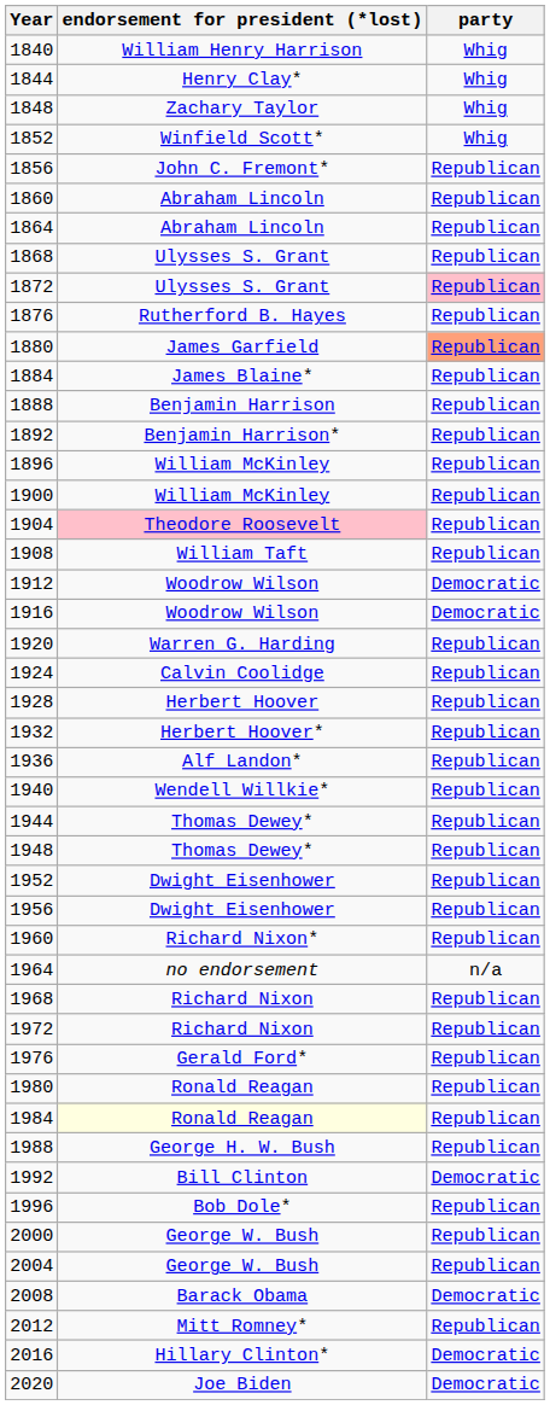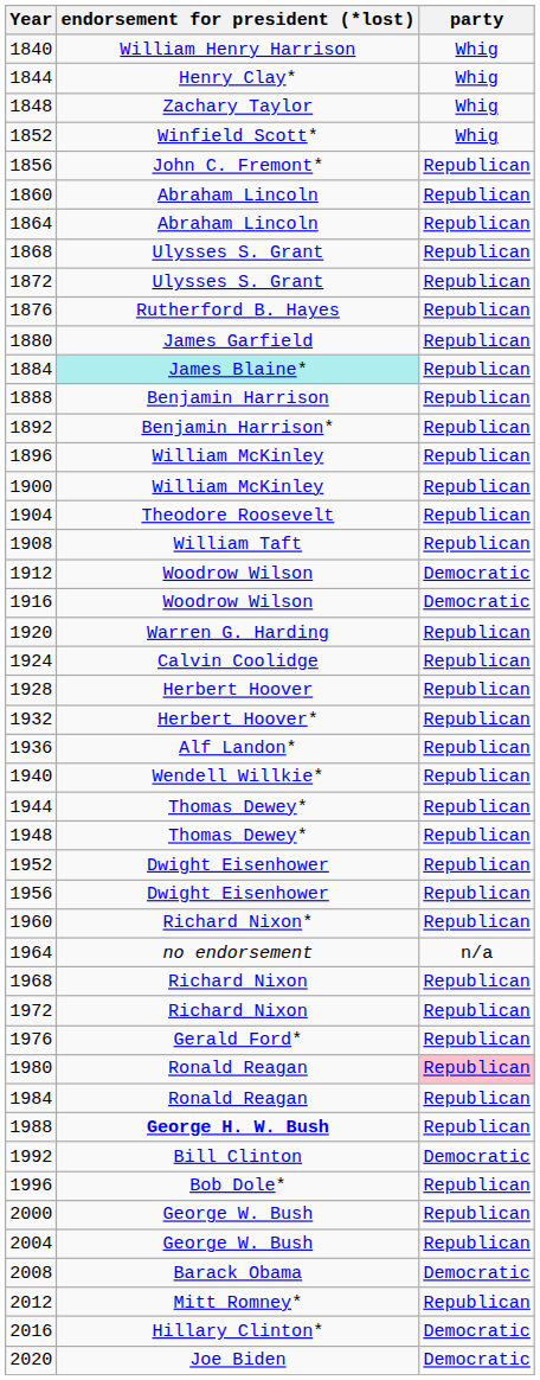 <table class="wikitable" style="text-align:center;">
 <tr>
 <th>Year</th>
 <th>endorsement for president (*lost)</th>
 <th>party</th>
 </tr>
 <tr>
 <td>1840</td>
 <td><a href='#'>William Henry Harrison</a></td>
 <td><a href='#'>Whig</a></td>
 </tr>
 <tr>
 <td>1844</td>
 <td><a href='#'>Henry Clay</a>*</td>
 <td><a href='#'>Whig</a></td>
 </tr>
 <tr>
 <td>1848</td>
 <td><a href='#'>Zachary Taylor</a></td>
 <td><a href='#'>Whig</a></td>
 </tr>
 <tr>
 <td>1852</td>
 <td><a href='#'>Winfield Scott</a>*</td>
 <td><a href='#'>Whig</a></td>
 </tr>
 <tr>
 <td>1856</td>
 <td><a href='#'>John C. Fremont</a>*</td>
 <td><a href='#'>Republican</a></td>
 </tr>
 <tr>
 <td>1860</td>
 <td><a href='#'>Abraham Lincoln</a></td>
 <td><a href='#'>Republican</a></td>
 </tr>
 <tr>
 <td>1864</td>
 <td><a href='#'>Abraham Lincoln</a></td>
 <td><a href='#'>Republican</a></td>
 </tr>
 <tr>
 <td>1868</td>
 <td><a href='#'>Ulysses S. Grant</a></td>
 <td><a href='#'>Republican</a></td>
 </tr>
 <tr>
 <td>1872</td>
 <td><a href='#'>Ulysses S. Grant</a></td>
-<td style="background: pink;"><a href='#'>Republican</a></td>
+<td><a href='#'>Republican</a></td>
 </tr>
 <tr>
 <td>1876</td>
 <td><a href='#'>Rutherford B. Hayes</a></td>
 <td><a href='#'>Republican</a></td>
 </tr>
 <tr>
 <td>1880</td>
 <td><a href='#'>James Garfield</a></td>
-<td style="background: lightsalmon;"><a href='#'>Republican</a></td>
+<td><a href='#'>Republican</a></td>
 </tr>
 <tr>
 <td>1884</td>
-<td><a href='#'>James Blaine</a>*</td>
+<td style="background: paleturquoise;"><a href='#'>James Blaine</a>*</td>
 <td><a href='#'>Republican</a></td>
 </tr>
 <tr>
 <td>1888</td>
 <td><a href='#'>Benjamin Harrison</a></td>
 <td><a href='#'>Republican</a></td>
 </tr>
 <tr>
 <td>1892</td>
 <td><a href='#'>Benjamin Harrison</a>*</td>
 <td><a href='#'>Republican</a></td>
 </tr>
 <tr>
 <td>1896</td>
 <td><a href='#'>William McKinley</a></td>
 <td><a href='#'>Republican</a></td>
 </tr>
 <tr>
 <td>1900</td>
 <td><a href='#'>William McKinley</a></td>
 <td><a href='#'>Republican</a></td>
 </tr>
 <tr>
 <td>1904</td>
-<td style="background: pink;"><a href='#'>Theodore Roosevelt</a></td>
+<td><a href='#'>Theodore Roosevelt</a></td>
 <td><a href='#'>Republican</a></td>
 </tr>
 <tr>
 <td>1908</td>
 <td><a href='#'>William Taft</a></td>
 <td><a href='#'>Republican</a></td>
 </tr>
 <tr>
 <td>1912</td>
 <td><a href='#'>Woodrow Wilson</a></td>
 <td><a href='#'>Democratic</a></td>
 </tr>
 <tr>
 <td>1916</td>
 <td><a href='#'>Woodrow Wilson</a></td>
 <td><a href='#'>Democratic</a></td>
 </tr>
 <tr>
 <td>1920</td>
 <td><a href='#'>Warren G. Harding</a></td>
 <td><a href='#'>Republican</a></td>
 </tr>
 <tr>
 <td>1924</td>
 <td><a href='#'>Calvin Coolidge</a></td>
 <td><a href='#'>Republican</a></td>
 </tr>
 <tr>
 <td>1928</td>
 <td><a href='#'>Herbert Hoover</a></td>
 <td><a href='#'>Republican</a></td>
 </tr>
 <tr>
 <td>1932</td>
 <td><a href='#'>Herbert Hoover</a>*</td>
 <td><a href='#'>Republican</a></td>
 </tr>
 <tr>
 <td>1936</td>
 <td><a href='#'>Alf Landon</a>*</td>
 <td><a href='#'>Republican</a></td>
 </tr>
 <tr>
 <td>1940</td>
 <td><a href='#'>Wendell Willkie</a>*</td>
 <td><a href='#'>Republican</a></td>
 </tr>
 <tr>
 <td>1944</td>
 <td><a href='#'>Thomas Dewey</a>*</td>
 <td><a href='#'>Republican</a></td>
 </tr>
 <tr>
 <td>1948</td>
 <td><a href='#'>Thomas Dewey</a>*</td>
 <td><a href='#'>Republican</a></td>
 </tr>
 <tr>
 <td>1952</td>
 <td><a href='#'>Dwight Eisenhower</a></td>
 <td><a href='#'>Republican</a></td>
 </tr>
 <tr>
 <td>1956</td>
 <td><a href='#'>Dwight Eisenhower</a></td>
 <td><a href='#'>Republican</a></td>
 </tr>
 <tr>
 <td>1960</td>
 <td><a href='#'>Richard Nixon</a>*</td>
 <td><a href='#'>Republican</a></td>
 </tr>
 <tr>
 <td>1964</td>
 <td><em>no endorsement</em></td>
 <td>n/a</td>
 </tr>
 <tr>
 <td>1968</td>
 <td><a href='#'>Richard Nixon</a></td>
 <td><a href='#'>Republican</a></td>
 </tr>
 <tr>
 <td>1972</td>
 <td><a href='#'>Richard Nixon</a></td>
 <td><a href='#'>Republican</a></td>
 </tr>
 <tr>
 <td>1976</td>
 <td><a href='#'>Gerald Ford</a>*</td>
 <td><a href='#'>Republican</a></td>
 </tr>
 <tr>
 <td>1980</td>
 <td><a href='#'>Ronald Reagan</a></td>
-<td><a href='#'>Republican</a></td>
+<td style="background: pink;"><a href='#'>Republican</a></td>
 </tr>
 <tr>
 <td>1984</td>
-<td style="background: lightyellow;"><a href='#'>Ronald Reagan</a></td>
+<td><a href='#'>Ronald Reagan</a></td>
 <td><a href='#'>Republican</a></td>
 </tr>
 <tr>
 <td>1988</td>
-<td><a href='#'>George H. W. Bush</a></td>
+<td><strong><a href='#'>George H. W. Bush</a></strong></td>
 <td><a href='#'>Republican</a></td>
 </tr>
 <tr>
 <td>1992</td>
 <td><a href='#'>Bill Clinton</a></td>
 <td><a href='#'>Democratic</a></td>
 </tr>
 <tr>
 <td>1996</td>
 <td><a href='#'>Bob Dole</a>*</td>
 <td><a href='#'>Republican</a></td>
 </tr>
 <tr>
 <td>2000</td>
 <td><a href='#'>George W. Bush</a></td>
 <td><a href='#'>Republican</a></td>
 </tr>
 <tr>
 <td>2004</td>
 <td><a href='#'>George W. Bush</a></td>
 <td><a href='#'>Republican</a></td>
 </tr>
 <tr>
 <td>2008</td>
 <td><a href='#'>Barack Obama</a></td>
 <td><a href='#'>Democratic</a></td>
 </tr>
 <tr>
 <td>2012</td>
 <td><a href='#'>Mitt Romney</a>*</td>
 <td><a href='#'>Republican</a></td>
 </tr>
 <tr>
 <td>2016</td>
 <td><a href='#'>Hillary Clinton</a>*</td>
 <td><a href='#'>Democratic</a></td>
 </tr>
 <tr>
 <td>2020</td>
 <td><a href='#'>Joe Biden</a></td>
 <td><a href='#'>Democratic</a></td>
 </tr>
 <tr>
 </tr>
 </table>
